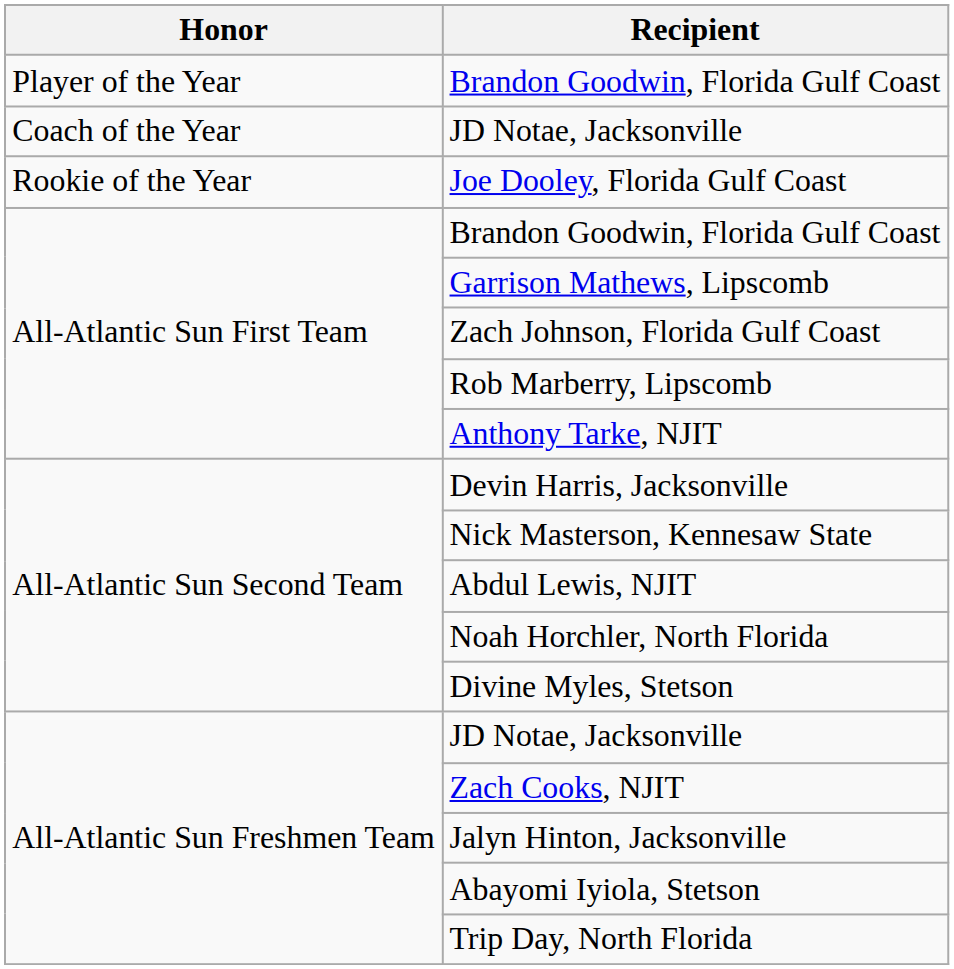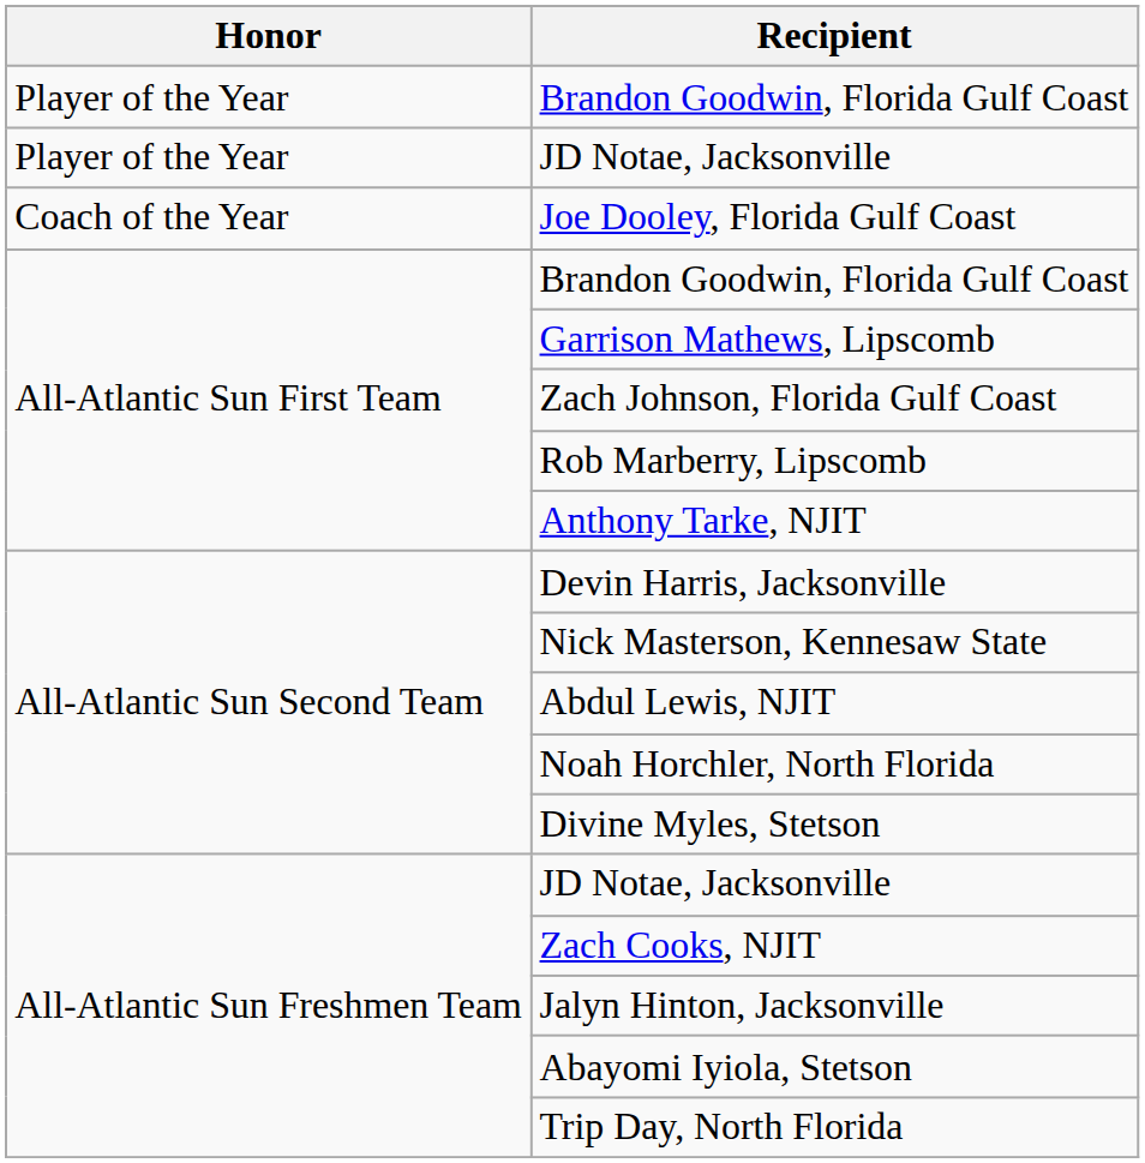 <table class="wikitable" border="1">
 <tr>
 <th>Honor</th>
 <th>Recipient</th>
 </tr>
 <tr>
 <td>Player of the Year</td>
 <td><a href='#'>Brandon Goodwin</a>, Florida Gulf Coast</td>
 </tr>
 <tr>
-<td>Coach of the Year</td>
+<td>Player of the Year</td>
 <td>JD Notae, Jacksonville</td>
 </tr>
 <tr>
-<td>Rookie of the Year</td>
+<td>Coach of the Year</td>
 <td><a href='#'>Joe Dooley</a>, Florida Gulf Coast</td>
 </tr>
 <tr>
 <td rowspan=5 valign=middle>All-Atlantic Sun First Team</td>
 <td>Brandon Goodwin, Florida Gulf Coast</td>
 </tr>
 <tr>
 <td><a href='#'>Garrison Mathews</a>, Lipscomb</td>
 </tr>
 <tr>
 <td>Zach Johnson, Florida Gulf Coast</td>
 </tr>
 <tr>
 <td>Rob Marberry, Lipscomb</td>
 </tr>
 <tr>
 <td><a href='#'>Anthony Tarke</a>, NJIT</td>
 </tr>
 <tr>
 <td rowspan=5 valign=middle>All-Atlantic Sun Second Team</td>
 <td>Devin Harris, Jacksonville</td>
 </tr>
 <tr>
 <td>Nick Masterson, Kennesaw State</td>
 </tr>
 <tr>
 <td>Abdul Lewis, NJIT</td>
 </tr>
 <tr>
 <td>Noah Horchler, North Florida</td>
 </tr>
 <tr>
 <td>Divine Myles, Stetson</td>
 </tr>
 <tr>
 <td rowspan=5 valign=middle>All-Atlantic Sun Freshmen Team</td>
 <td>JD Notae, Jacksonville</td>
 </tr>
 <tr>
 <td><a href='#'>Zach Cooks</a>, NJIT</td>
 </tr>
 <tr>
 <td>Jalyn Hinton, Jacksonville</td>
 </tr>
 <tr>
 <td>Abayomi Iyiola, Stetson</td>
 </tr>
 <tr>
 <td>Trip Day, North Florida</td>
 </tr>
 </table>
